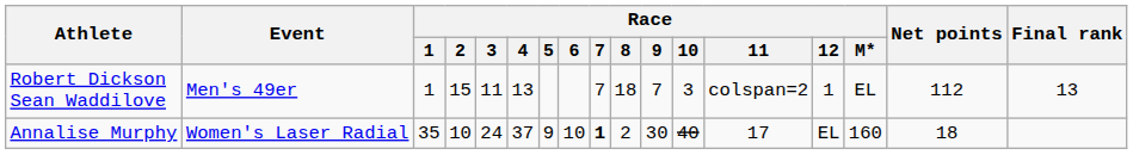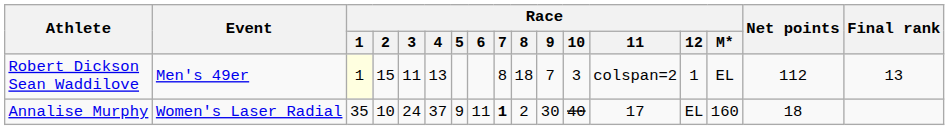 <table class="wikitable" style="font-size:90%">
 <tr>
 <th rowspan="2">Athlete</th>
 <th rowspan="2">Event</th>
 <th colspan=13>Race</th>
 <th rowspan=2>Net points</th>
 <th rowspan=2>Final rank</th>
 </tr>
 <tr style="font-size:95%">
 <th>1</th>
 <th>2</th>
 <th>3</th>
 <th>4</th>
 <th>5</th>
 <th>6</th>
 <th>7</th>
 <th>8</th>
 <th>9</th>
 <th>10</th>
 <th>11</th>
 <th>12</th>
 <th>M*</th>
 </tr>
 <tr align=center>
 <td align=left><a href='#'>Robert Dickson</a><br><a href='#'>Sean Waddilove</a></td>
 <td align=left><a href='#'>Men's 49er</a></td>
-<td>1</td>
+<td style="background: lightyellow;">1</td>
 <td>15</td>
 <td>11</td>
 <td>13</td>
 <td><s></s></td>
 <td></td>
-<td>7</td>
+<td>8</td>
 <td>18</td>
 <td>7</td>
 <td>3</td>
 <td>colspan=2 </td>
 <td>1</td>
 <td>EL</td>
 <td>112</td>
 <td>13</td>
 </tr>
 <tr align=center>
 <td align=left><a href='#'>Annalise Murphy</a></td>
 <td align=left><a href='#'>Women's Laser Radial</a></td>
 <td>35</td>
 <td>10</td>
 <td>24</td>
 <td>37</td>
 <td>9</td>
-<td>10</td>
+<td>11</td>
 <td><strong>1</strong></td>
 <td>2</td>
 <td>30</td>
 <td><s>40</s></td>
 <td>17</td>
 <td>EL</td>
 <td>160</td>
 <td>18</td>
 </tr>
 </table>
